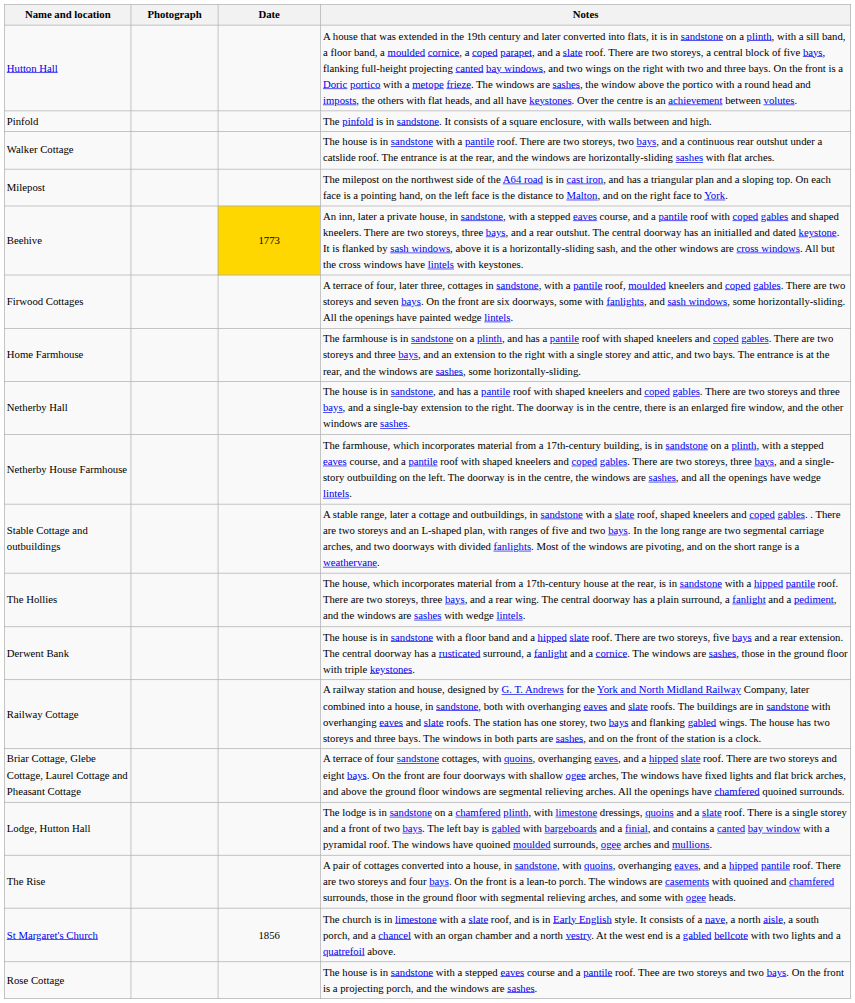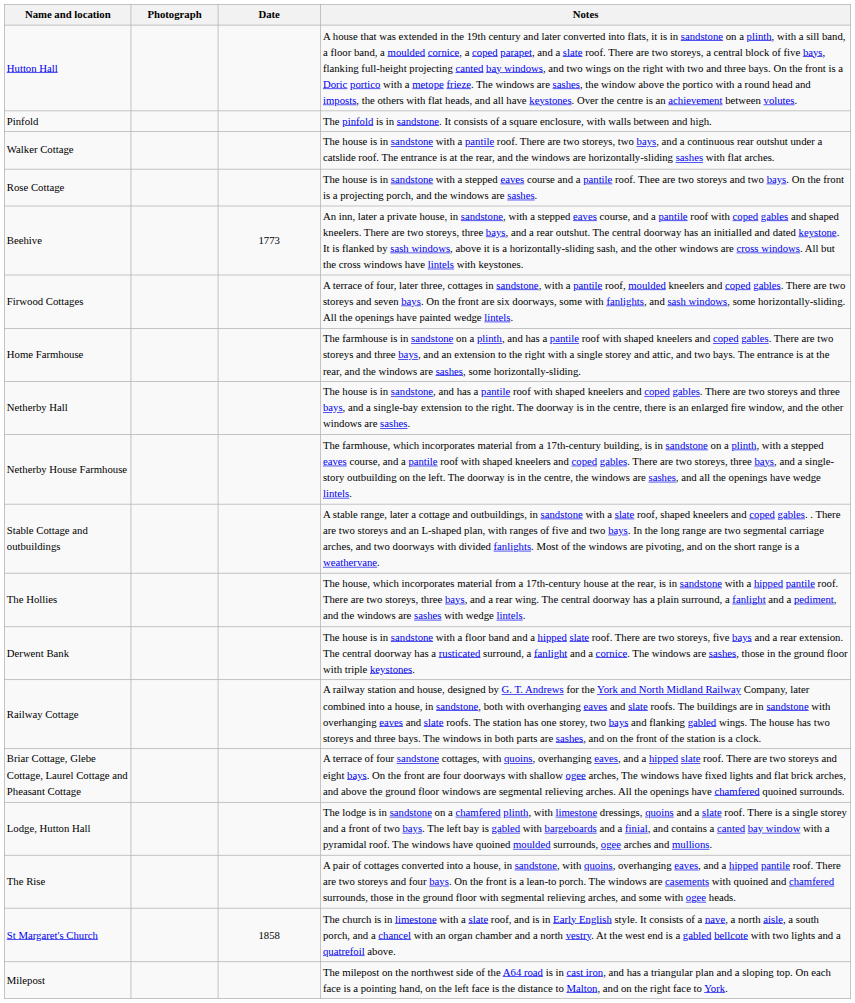 <table class="wikitable sortable plainrowheaders" style="width:100%;border:0px;text-align:left;line-height:150%;">
 <tr>
 <th scope="col"  style="width:150px">Name and location</th>
 <th scope="col"  style="width:100px" class="unsortable">Photograph</th>
 <th scope="col"  style="width:120px">Date</th>
 <th scope="col"  style="width:650px" class="unsortable">Notes</th>
 </tr>
 <tr>
 <td><a href='#'>Hutton Hall</a><br><small></small></td>
 <td></td>
 <td align="center"></td>
 <td>A house that was extended in the 19th century and later converted into flats, it is in <a href='#'>sandstone</a> on a <a href='#'>plinth</a>, with a sill band, a floor band, a <a href='#'>moulded</a> <a href='#'>cornice</a>, a <a href='#'>coped</a> <a href='#'>parapet</a>, and a <a href='#'>slate</a> roof. There are two storeys, a central block of five <a href='#'>bays</a>, flanking full-height projecting <a href='#'>canted</a> <a href='#'>bay windows</a>, and two wings on the right with two and three bays. On the front is a <a href='#'>Doric</a> <a href='#'>portico</a> with a <a href='#'>metope</a> <a href='#'>frieze</a>. The windows are <a href='#'>sashes</a>, the window above the portico with a round head and <a href='#'>imposts</a>, the others with flat heads, and all have <a href='#'>keystones</a>. Over the centre is an <a href='#'>achievement</a> between <a href='#'>volutes</a>.</td>
 </tr>
 <tr>
 <td>Pinfold<br><small></small></td>
 <td></td>
 <td align="center"></td>
 <td>The <a href='#'>pinfold</a> is in <a href='#'>sandstone</a>. It consists of a square enclosure, with walls between  and  high.</td>
 </tr>
 <tr>
 <td>Walker Cottage<br><small></small></td>
 <td></td>
 <td align="center"></td>
 <td>The house is in <a href='#'>sandstone</a> with a <a href='#'>pantile</a> roof. There are two storeys, two <a href='#'>bays</a>, and a continuous rear outshut under a catslide roof. The entrance is at the rear, and the windows are horizontally-sliding <a href='#'>sashes</a> with flat arches.</td>
 </tr>
 <tr>
-<td>Milepost<br><small></small></td>
+<td>Rose Cottage<br><small></small></td>
 <td></td>
 <td align="center"></td>
-<td>The milepost on the northwest side of the <a href='#'>A64 road</a> is in <a href='#'>cast iron</a>, and has a triangular plan and a sloping top. On each face is a pointing hand, on the left face is the distance to <a href='#'>Malton</a>, and on the right face to <a href='#'>York</a>.</td>
+<td>The house is in <a href='#'>sandstone</a> with a stepped <a href='#'>eaves</a> course and a <a href='#'>pantile</a> roof. Thee are two storeys and two <a href='#'>bays</a>. On the front is a projecting porch, and the windows are <a href='#'>sashes</a>.</td>
 </tr>
 <tr>
 <td>Beehive<br><small></small></td>
 <td></td>
-<td align="center" style="background: gold;">1773</td>
+<td align="center">1773</td>
 <td>An inn, later a private house, in <a href='#'>sandstone</a>, with a stepped <a href='#'>eaves</a> course, and a <a href='#'>pantile</a> roof with <a href='#'>coped</a> <a href='#'>gables</a> and shaped kneelers. There are two storeys, three <a href='#'>bays</a>, and a rear outshut. The central doorway has an initialled and dated <a href='#'>keystone</a>. It is flanked by <a href='#'>sash windows</a>, above it is a horizontally-sliding sash, and the other windows are <a href='#'>cross windows</a>. All but the cross windows have <a href='#'>lintels</a> with keystones.</td>
 </tr>
 <tr>
 <td>Firwood Cottages<br><small></small></td>
 <td></td>
 <td align="center"></td>
 <td>A terrace of four, later three, cottages in <a href='#'>sandstone</a>, with a <a href='#'>pantile</a> roof, <a href='#'>moulded</a> kneelers and <a href='#'>coped</a> <a href='#'>gables</a>. There are two storeys and seven <a href='#'>bays</a>. On the front are six doorways, some with <a href='#'>fanlights</a>, and <a href='#'>sash windows</a>, some horizontally-sliding. All the openings have painted wedge <a href='#'>lintels</a>.</td>
 </tr>
 <tr>
 <td>Home Farmhouse<br><small></small></td>
 <td></td>
 <td align="center"></td>
 <td>The farmhouse is in <a href='#'>sandstone</a> on a <a href='#'>plinth</a>, and has a <a href='#'>pantile</a> roof with shaped kneelers and <a href='#'>coped</a> <a href='#'>gables</a>. There are two storeys and three <a href='#'>bays</a>, and an extension to the right with a single storey and attic, and two bays. The entrance is at the rear, and the windows are <a href='#'>sashes</a>, some horizontally-sliding.</td>
 </tr>
 <tr>
 <td>Netherby Hall<br><small></small></td>
 <td></td>
 <td align="center"></td>
 <td>The house is in <a href='#'>sandstone</a>, and has a <a href='#'>pantile</a> roof with shaped kneelers and <a href='#'>coped</a> <a href='#'>gables</a>. There are two storeys and three <a href='#'>bays</a>, and a single-bay extension to the right. The doorway is in the centre, there is an enlarged fire window, and the other windows are <a href='#'>sashes</a>.</td>
 </tr>
 <tr>
 <td>Netherby House Farmhouse<br><small></small></td>
 <td></td>
 <td align="center"></td>
 <td>The farmhouse, which incorporates material from a 17th-century building, is in <a href='#'>sandstone</a> on a <a href='#'>plinth</a>, with a stepped <a href='#'>eaves</a> course, and a <a href='#'>pantile</a> roof with shaped kneelers and <a href='#'>coped</a> <a href='#'>gables</a>. There are two storeys, three <a href='#'>bays</a>, and a single-story outbuilding on the left. The doorway is in the centre, the windows are <a href='#'>sashes</a>, and all the openings have wedge <a href='#'>lintels</a>.</td>
 </tr>
 <tr>
 <td>Stable Cottage and outbuildings<br><small></small></td>
 <td></td>
 <td align="center"></td>
 <td>A stable range, later a cottage and outbuildings, in <a href='#'>sandstone</a> with a <a href='#'>slate</a> roof, shaped kneelers and <a href='#'>coped</a> <a href='#'>gables</a>. . There are two storeys and an L-shaped plan, with ranges of five and two <a href='#'>bays</a>. In the long range are two segmental carriage arches, and two doorways with divided <a href='#'>fanlights</a>. Most of the windows  are pivoting, and on the short range is a <a href='#'>weathervane</a>.</td>
 </tr>
 <tr>
 <td>The Hollies<br><small></small></td>
 <td></td>
 <td align="center"></td>
 <td>The house, which incorporates material from a 17th-century house at the rear, is in <a href='#'>sandstone</a> with a <a href='#'>hipped</a> <a href='#'>pantile</a> roof. There are two storeys, three <a href='#'>bays</a>, and a rear wing. The central doorway has a plain surround, a <a href='#'>fanlight</a> and a <a href='#'>pediment</a>, and the windows are <a href='#'>sashes</a>  with wedge <a href='#'>lintels</a>.</td>
 </tr>
 <tr>
 <td>Derwent Bank<br><small></small></td>
 <td></td>
 <td align="center"></td>
 <td>The house is in <a href='#'>sandstone</a> with a floor band and a <a href='#'>hipped</a> <a href='#'>slate</a> roof. There are two storeys, five <a href='#'>bays</a> and a rear extension. The central doorway has a <a href='#'>rusticated</a> surround, a <a href='#'>fanlight</a> and a <a href='#'>cornice</a>. The windows are <a href='#'>sashes</a>, those in the ground floor with triple <a href='#'>keystones</a>.</td>
 </tr>
 <tr>
 <td>Railway Cottage<br><small></small></td>
 <td></td>
 <td align="center"></td>
 <td>A railway station and house, designed by <a href='#'>G. T. Andrews</a> for the <a href='#'>York and North Midland Railway</a> Company, later combined into a house, in <a href='#'>sandstone</a>, both with overhanging <a href='#'>eaves</a> and <a href='#'>slate</a> roofs. The buildings are in <a href='#'>sandstone</a> with overhanging <a href='#'>eaves</a> and <a href='#'>slate</a> roofs. The station has one storey, two <a href='#'>bays</a> and flanking <a href='#'>gabled</a> wings. The house has two storeys and three bays. The windows in both parts are <a href='#'>sashes</a>, and on the front of the station is a clock.</td>
 </tr>
 <tr>
 <td>Briar Cottage, Glebe Cottage, Laurel Cottage and Pheasant Cottage<br><small></small></td>
 <td></td>
 <td align="center"></td>
 <td>A terrace of four <a href='#'>sandstone</a> cottages, with <a href='#'>quoins</a>, overhanging <a href='#'>eaves</a>, and a <a href='#'>hipped</a> <a href='#'>slate</a> roof. There are two storeys and eight <a href='#'>bays</a>. On the front are four doorways with shallow <a href='#'>ogee</a> arches, The windows have fixed lights and flat brick arches, and above the ground floor windows are segmental relieving arches. All the openings have <a href='#'>chamfered</a> quoined surrounds.</td>
 </tr>
 <tr>
 <td>Lodge, Hutton Hall<br><small></small></td>
 <td></td>
 <td align="center"></td>
 <td>The lodge is in <a href='#'>sandstone</a> on a <a href='#'>chamfered</a> <a href='#'>plinth</a>, with <a href='#'>limestone</a> dressings, <a href='#'>quoins</a> and a <a href='#'>slate</a> roof. There is a single storey and a front of two <a href='#'>bays</a>. The left bay is <a href='#'>gabled</a> with <a href='#'>bargeboards</a> and a <a href='#'>finial</a>, and contains a <a href='#'>canted</a> <a href='#'>bay window</a> with a pyramidal roof. The windows have quoined <a href='#'>moulded</a> surrounds, <a href='#'>ogee</a> arches and <a href='#'>mullions</a>.</td>
 </tr>
 <tr>
 <td>The Rise<br><small></small></td>
 <td></td>
 <td align="center"></td>
 <td>A pair of cottages converted into a house, in <a href='#'>sandstone</a>, with <a href='#'>quoins</a>, overhanging <a href='#'>eaves</a>, and a <a href='#'>hipped</a> <a href='#'>pantile</a> roof. There are two storeys and four <a href='#'>bays</a>. On the front is a lean-to porch. The windows are <a href='#'>casements</a> with quoined and <a href='#'>chamfered</a> surrounds, those in the ground floor with segmental relieving  arches, and some with <a href='#'>ogee</a> heads.</td>
 </tr>
 <tr>
 <td><a href='#'>St Margaret's Church</a><br><small></small></td>
 <td></td>
-<td align="center">1856</td>
+<td align="center">1858</td>
 <td>The church is in <a href='#'>limestone</a> with a <a href='#'>slate</a> roof, and is in <a href='#'>Early English</a> style. It consists of a <a href='#'>nave</a>, a north <a href='#'>aisle</a>, a south porch, and a <a href='#'>chancel</a> with an organ chamber and a north <a href='#'>vestry</a>. At the west end is a <a href='#'>gabled</a> <a href='#'>bellcote</a> with two lights and a <a href='#'>quatrefoil</a> above.</td>
 </tr>
 <tr>
-<td>Rose Cottage<br><small></small></td>
+<td>Milepost<br><small></small></td>
 <td></td>
 <td align="center"></td>
-<td>The house is in <a href='#'>sandstone</a> with a stepped <a href='#'>eaves</a> course and a <a href='#'>pantile</a> roof. Thee are two storeys and two <a href='#'>bays</a>. On the front is a projecting porch, and the windows are <a href='#'>sashes</a>.</td>
+<td>The milepost on the northwest side of the <a href='#'>A64 road</a> is in <a href='#'>cast iron</a>, and has a triangular plan and a sloping top. On each face is a pointing hand, on the left face is the distance to <a href='#'>Malton</a>, and on the right face to <a href='#'>York</a>.</td>
 </tr>
 <tr>
 </tr>
 </table>
